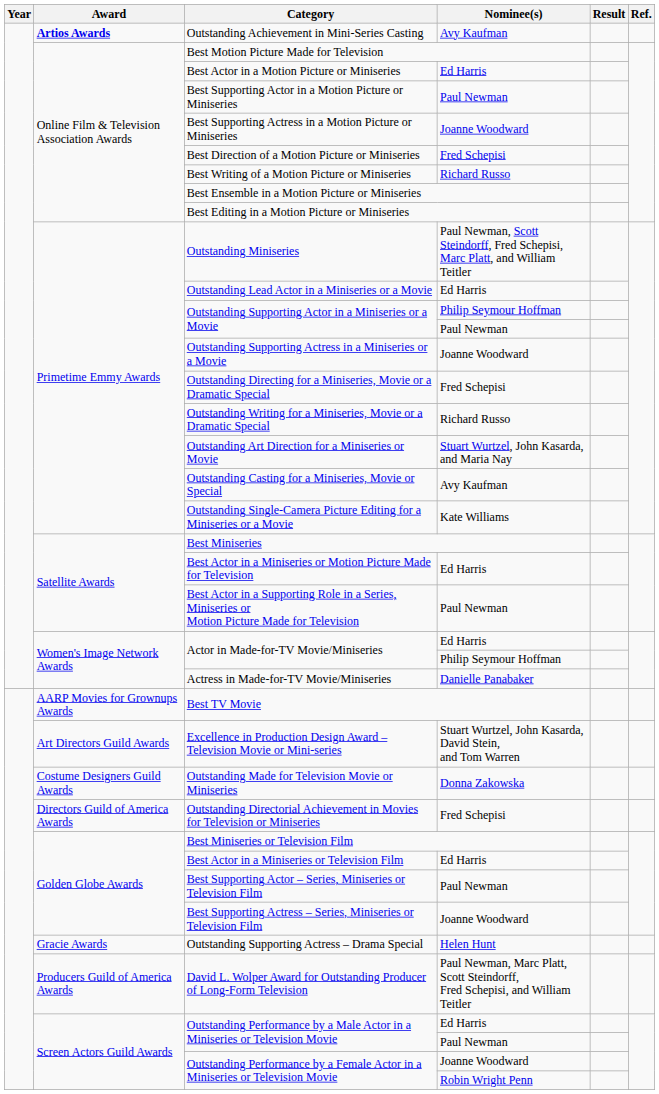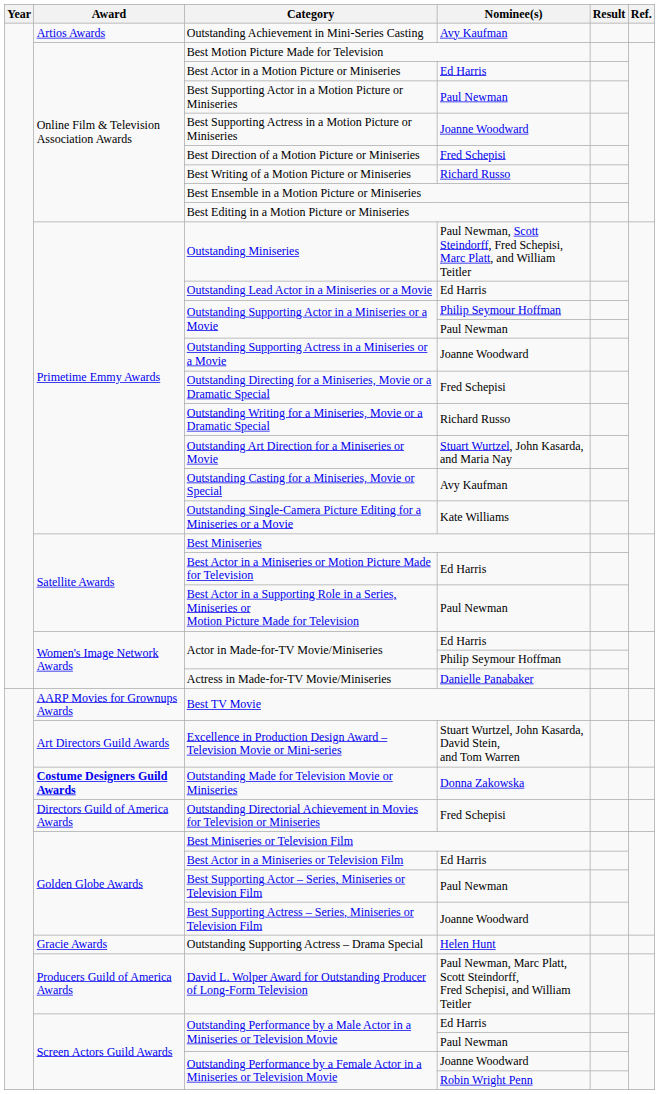 <table class="wikitable sortable">
 <tr>
 <th>Year</th>
 <th>Award</th>
 <th>Category</th>
 <th>Nominee(s)</th>
 <th>Result</th>
 <th>Ref.</th>
 </tr>
 <tr>
 <td rowspan="25"></td>
-<td><strong><a href='#'>Artios Awards</a></strong></td>
+<td><a href='#'>Artios Awards</a></td>
 <td>Outstanding Achievement in Mini-Series Casting</td>
 <td><a href='#'>Avy Kaufman</a></td>
 <td></td>
 <td align="center"></td>
 </tr>
 <tr>
 <td rowspan="8">Online Film & Television Association Awards</td>
 <td colspan="2">Best Motion Picture Made for Television</td>
 <td></td>
 <td align="center" rowspan="8"></td>
 </tr>
 <tr>
 <td>Best Actor in a Motion Picture or Miniseries</td>
 <td><a href='#'>Ed Harris</a></td>
 <td></td>
 </tr>
 <tr>
 <td>Best Supporting Actor in a Motion Picture or Miniseries</td>
 <td><a href='#'>Paul Newman</a></td>
 <td></td>
 </tr>
 <tr>
 <td>Best Supporting Actress in a Motion Picture or Miniseries</td>
 <td><a href='#'>Joanne Woodward</a></td>
 <td></td>
 </tr>
 <tr>
 <td>Best Direction of a Motion Picture or Miniseries</td>
 <td><a href='#'>Fred Schepisi</a></td>
 <td></td>
 </tr>
 <tr>
 <td>Best Writing of a Motion Picture or Miniseries</td>
 <td><a href='#'>Richard Russo</a></td>
 <td></td>
 </tr>
 <tr>
 <td colspan="2">Best Ensemble in a Motion Picture or Miniseries</td>
 <td></td>
 </tr>
 <tr>
 <td colspan="2">Best Editing in a Motion Picture or Miniseries</td>
 <td></td>
 </tr>
 <tr>
 <td rowspan="10"><a href='#'>Primetime Emmy Awards</a></td>
 <td><a href='#'>Outstanding Miniseries</a></td>
 <td>Paul Newman, <a href='#'>Scott Steindorff</a>, Fred Schepisi, <br> <a href='#'>Marc Platt</a>, and William Teitler</td>
 <td></td>
 <td align="center" rowspan="10"></td>
 </tr>
 <tr>
 <td><a href='#'>Outstanding Lead Actor in a Miniseries or a Movie</a></td>
 <td>Ed Harris</td>
 <td></td>
 </tr>
 <tr>
 <td rowspan="2"><a href='#'>Outstanding Supporting Actor in a Miniseries or a Movie</a></td>
 <td><a href='#'>Philip Seymour Hoffman</a></td>
 <td></td>
 </tr>
 <tr>
 <td>Paul Newman</td>
 <td></td>
 </tr>
 <tr>
 <td><a href='#'>Outstanding Supporting Actress in a Miniseries or a Movie</a></td>
 <td>Joanne Woodward</td>
 <td></td>
 </tr>
 <tr>
 <td><a href='#'>Outstanding Directing for a Miniseries, Movie or a Dramatic Special</a></td>
 <td>Fred Schepisi</td>
 <td></td>
 </tr>
 <tr>
 <td><a href='#'>Outstanding Writing for a Miniseries, Movie or a Dramatic Special</a></td>
 <td>Richard Russo</td>
 <td></td>
 </tr>
 <tr>
 <td><a href='#'>Outstanding Art Direction for a Miniseries or Movie</a></td>
 <td><a href='#'>Stuart Wurtzel</a>, John Kasarda, and Maria Nay</td>
 <td></td>
 </tr>
 <tr>
 <td><a href='#'>Outstanding Casting for a Miniseries, Movie or Special</a></td>
 <td>Avy Kaufman</td>
 <td></td>
 </tr>
 <tr>
 <td><a href='#'>Outstanding Single-Camera Picture Editing for a Miniseries or a Movie</a></td>
 <td>Kate Williams</td>
 <td></td>
 </tr>
 <tr>
 <td rowspan="3"><a href='#'>Satellite Awards</a></td>
 <td colspan="2"><a href='#'>Best Miniseries</a></td>
 <td></td>
 <td align="center" rowspan="3"></td>
 </tr>
 <tr>
 <td><a href='#'>Best Actor in a Miniseries or Motion Picture Made for Television</a></td>
 <td>Ed Harris</td>
 <td></td>
 </tr>
 <tr>
 <td><a href='#'>Best Actor in a Supporting Role in a Series, Miniseries or <br> Motion Picture Made for Television</a></td>
 <td>Paul Newman</td>
 <td></td>
 </tr>
 <tr>
 <td rowspan="3"><a href='#'>Women's Image Network Awards</a></td>
 <td rowspan="2">Actor in Made-for-TV Movie/Miniseries</td>
 <td>Ed Harris</td>
 <td></td>
 <td align="center" rowspan="3"></td>
 </tr>
 <tr>
 <td>Philip Seymour Hoffman</td>
 <td></td>
 </tr>
 <tr>
 <td>Actress in Made-for-TV Movie/Miniseries</td>
 <td><a href='#'>Danielle Panabaker</a></td>
 <td></td>
 </tr>
 <tr>
 <td rowspan="14"></td>
 <td><a href='#'>AARP Movies for Grownups Awards</a></td>
 <td colspan="2"><a href='#'>Best TV Movie</a></td>
 <td></td>
 <td align="center"></td>
 </tr>
 <tr>
 <td><a href='#'>Art Directors Guild Awards</a></td>
 <td><a href='#'>Excellence in Production Design Award – Television Movie or Mini-series</a></td>
 <td>Stuart Wurtzel, John Kasarda, David Stein, <br> and Tom Warren</td>
 <td></td>
 <td align="center"></td>
 </tr>
 <tr>
-<td><a href='#'>Costume Designers Guild Awards</a></td>
+<td><strong><a href='#'>Costume Designers Guild Awards</a></strong></td>
 <td><a href='#'>Outstanding Made for Television Movie or Miniseries</a></td>
 <td><a href='#'>Donna Zakowska</a></td>
 <td></td>
 <td align="center"></td>
 </tr>
 <tr>
 <td><a href='#'>Directors Guild of America Awards</a></td>
 <td><a href='#'>Outstanding Directorial Achievement in Movies for Television or Miniseries</a></td>
 <td>Fred Schepisi</td>
 <td></td>
 <td align="center"></td>
 </tr>
 <tr>
 <td rowspan="4"><a href='#'>Golden Globe Awards</a></td>
 <td colspan="2"><a href='#'>Best Miniseries or Television Film</a></td>
 <td></td>
 <td align="center" rowspan="4"></td>
 </tr>
 <tr>
 <td><a href='#'>Best Actor in a Miniseries or Television Film</a></td>
 <td>Ed Harris</td>
 <td></td>
 </tr>
 <tr>
 <td><a href='#'>Best Supporting Actor – Series, Miniseries or Television Film</a></td>
 <td>Paul Newman</td>
 <td></td>
 </tr>
 <tr>
 <td><a href='#'>Best Supporting Actress – Series, Miniseries or Television Film</a></td>
 <td>Joanne Woodward</td>
 <td></td>
 </tr>
 <tr>
 <td><a href='#'>Gracie Awards</a></td>
 <td>Outstanding Supporting Actress – Drama Special</td>
 <td><a href='#'>Helen Hunt</a></td>
 <td></td>
 <td align="center"></td>
 </tr>
 <tr>
 <td><a href='#'>Producers Guild of America Awards</a></td>
 <td><a href='#'>David L. Wolper Award for Outstanding Producer of Long-Form Television</a></td>
 <td>Paul Newman, Marc Platt, Scott Steindorff, <br> Fred Schepisi, and William Teitler</td>
 <td></td>
 <td align="center"></td>
 </tr>
 <tr>
 <td rowspan="4"><a href='#'>Screen Actors Guild Awards</a></td>
 <td rowspan="2"><a href='#'>Outstanding Performance by a Male Actor in a Miniseries or Television Movie</a></td>
 <td>Ed Harris</td>
 <td></td>
 <td align="center" rowspan="4"></td>
 </tr>
 <tr>
 <td>Paul Newman</td>
 <td></td>
 </tr>
 <tr>
 <td rowspan="2"><a href='#'>Outstanding Performance by a Female Actor in a Miniseries or Television Movie</a></td>
 <td>Joanne Woodward</td>
 <td></td>
 </tr>
 <tr>
 <td><a href='#'>Robin Wright Penn</a></td>
 <td></td>
 </tr>
 </table>
